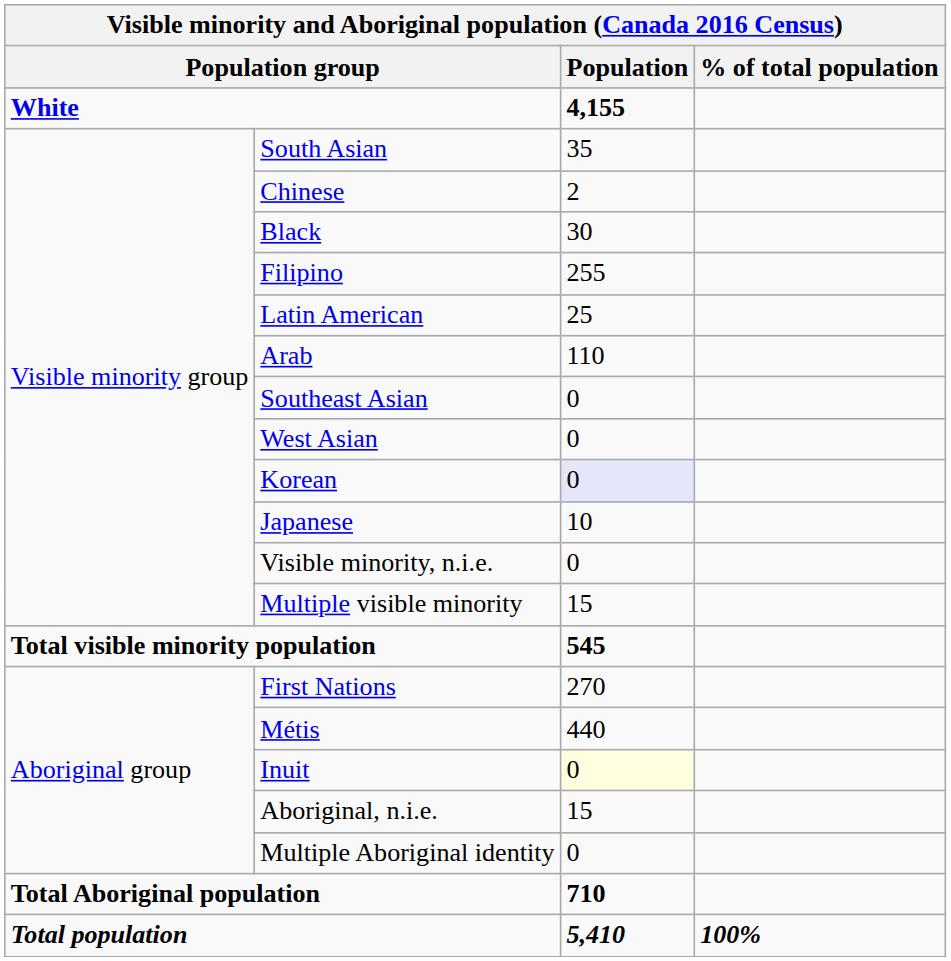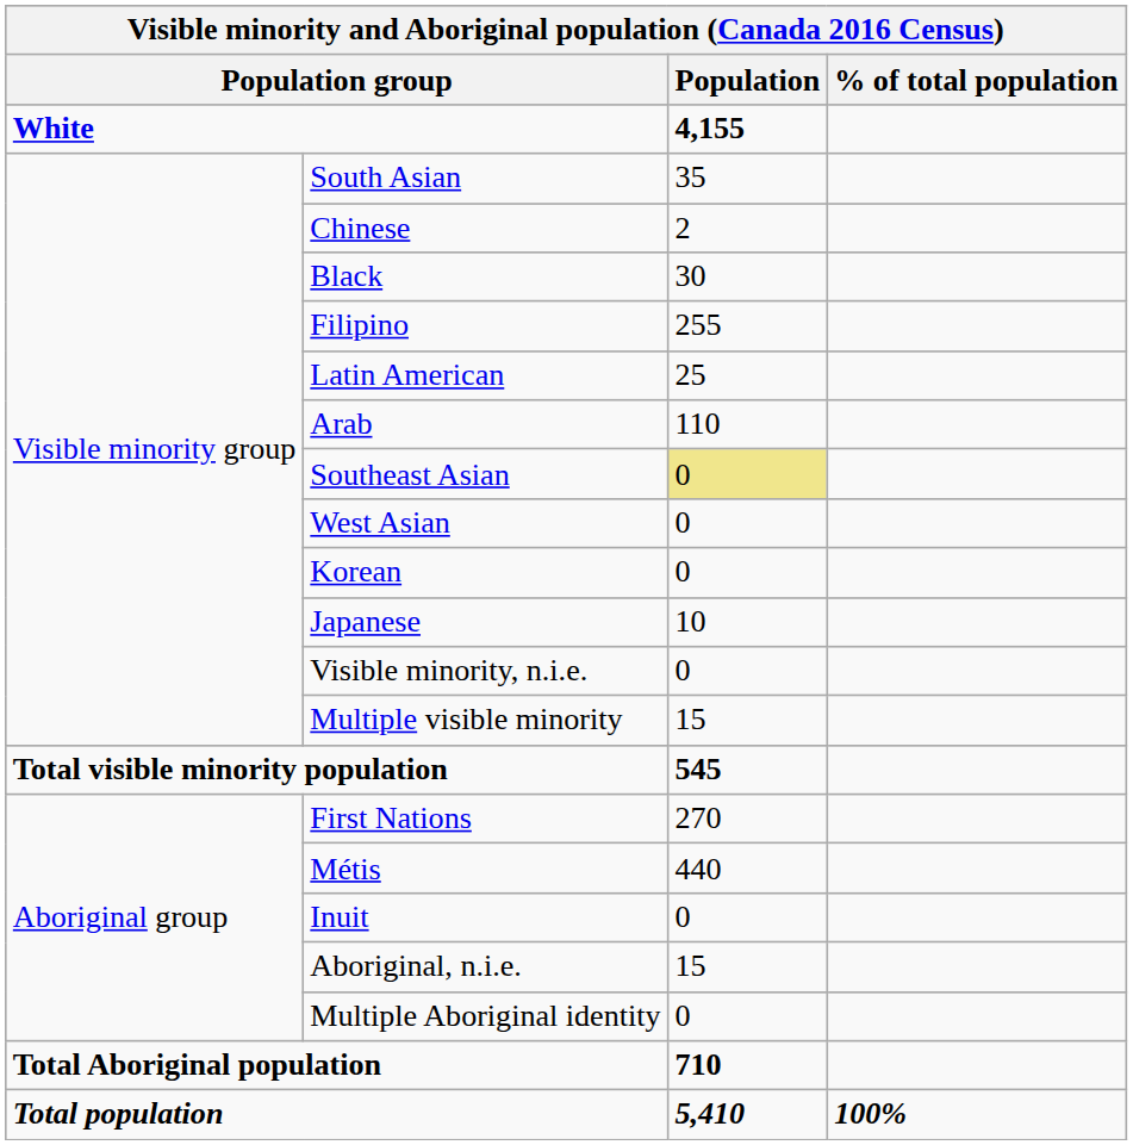 <table class="wikitable">
 <tr>
 <th colspan=4>Visible minority and Aboriginal population (<a href='#'>Canada 2016 Census</a>)</th>
 </tr>
 <tr>
 <th colspan="2">Population group</th>
 <th>Population</th>
 <th>% of total population</th>
 </tr>
 <tr>
 <td colspan="2"><strong><a href='#'>White</a></strong></td>
 <td><strong>4,155</strong></td>
 <td><strong></strong></td>
 </tr>
 <tr>
 <td rowspan="12"><a href='#'>Visible minority</a> group</td>
 <td><a href='#'>South Asian</a></td>
 <td>35</td>
 <td></td>
 </tr>
 <tr>
 <td><a href='#'>Chinese</a></td>
 <td>2</td>
 <td></td>
 </tr>
 <tr>
 <td><a href='#'>Black</a></td>
 <td>30</td>
 <td></td>
 </tr>
 <tr>
 <td><a href='#'>Filipino</a></td>
 <td>255</td>
 <td></td>
 </tr>
 <tr>
 <td><a href='#'>Latin American</a></td>
 <td>25</td>
 <td></td>
 </tr>
 <tr>
 <td><a href='#'>Arab</a></td>
 <td>110</td>
 <td></td>
 </tr>
 <tr>
 <td><a href='#'>Southeast Asian</a></td>
-<td>0</td>
+<td style="background: khaki;">0</td>
 <td></td>
 </tr>
 <tr>
 <td><a href='#'>West Asian</a></td>
 <td>0</td>
 <td></td>
 </tr>
 <tr>
 <td><a href='#'>Korean</a></td>
-<td style="background: lavender;">0</td>
+<td>0</td>
 <td></td>
 </tr>
 <tr>
 <td><a href='#'>Japanese</a></td>
 <td>10</td>
 <td></td>
 </tr>
 <tr>
 <td>Visible minority, n.i.e.</td>
 <td>0</td>
 <td></td>
 </tr>
 <tr>
 <td><a href='#'>Multiple</a> visible minority</td>
 <td>15</td>
 <td></td>
 </tr>
 <tr>
 <td colspan="2"><strong>Total visible minority population</strong></td>
 <td><strong>545</strong></td>
 <td><strong></strong></td>
 </tr>
 <tr>
 <td rowspan="5"><a href='#'>Aboriginal</a> group</td>
 <td><a href='#'>First Nations</a></td>
 <td>270</td>
 <td></td>
 </tr>
 <tr>
 <td><a href='#'>Métis</a></td>
 <td>440</td>
 <td></td>
 </tr>
 <tr>
 <td><a href='#'>Inuit</a></td>
-<td style="background: lightyellow;">0</td>
+<td>0</td>
 <td></td>
 </tr>
 <tr>
 <td>Aboriginal, n.i.e.</td>
 <td>15</td>
 <td></td>
 </tr>
 <tr>
 <td>Multiple Aboriginal identity</td>
 <td>0</td>
 <td></td>
 </tr>
 <tr>
 <td colspan="2"><strong>Total Aboriginal population</strong></td>
 <td><strong>710</strong></td>
 <td><strong></strong></td>
 </tr>
 <tr>
 <td colspan="2"><strong><em>Total population</em></strong></td>
 <td><strong><em>5,410</em></strong></td>
 <td><strong><em>100%</em></strong></td>
 </tr>
 </table>
